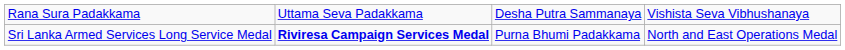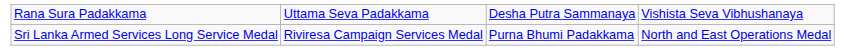 <table class="wikitable" style="margin:1em auto;">
 <tr>
 <td><a href='#'>Rana Sura Padakkama</a></td>
 <td><a href='#'>Uttama Seva Padakkama</a></td>
 <td><a href='#'>Desha Putra Sammanaya</a></td>
 <td><a href='#'>Vishista Seva Vibhushanaya</a></td>
 </tr>
 <tr>
 <td><a href='#'>Sri Lanka Armed Services Long Service Medal</a></td>
-<td><strong><a href='#'>Riviresa Campaign Services Medal</a></strong></td>
+<td><a href='#'>Riviresa Campaign Services Medal</a></td>
 <td><a href='#'>Purna Bhumi Padakkama</a></td>
 <td><a href='#'>North and East Operations Medal</a></td>
 </tr>
 </table>
